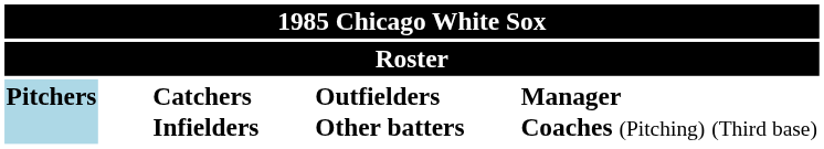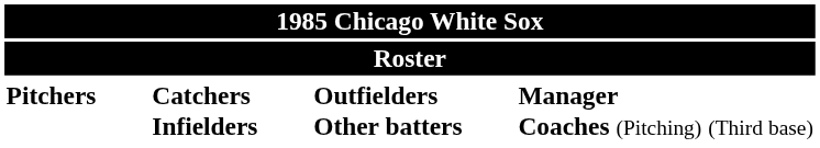 <table class="toccolours" style="font-size: 95%;">
 <tr>
 <th colspan="10" style="background-color: black; color: #FFFFFF; text-align: center;">1985 Chicago White Sox</th>
 </tr>
 <tr>
 <td colspan="10" style="background-color:black; color: white; text-align: center;"><strong>Roster</strong></td>
 </tr>
 <tr>
-<td valign="top" style="background: lightblue;"><strong>Pitchers</strong><br>                  </td>
+<td valign="top"><strong>Pitchers</strong><br>                  </td>
 <td width="25px"></td>
 <td valign="top"><strong>Catchers</strong><br>   <strong>Infielders</strong>       </td>
 <td width="25px"></td>
 <td valign="top"><strong>Outfielders</strong><br>          <strong>Other batters</strong>   </td>
 <td width="25px"></td>
 <td valign="top"><strong>Manager</strong><br> <strong>Coaches</strong>   <small>(Pitching)</small>   <small>(Third base)</small> </td>
 </tr>
 </table>
